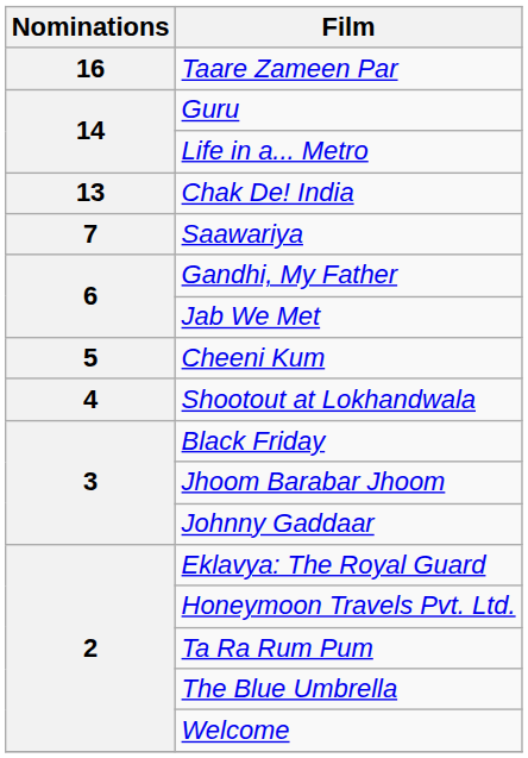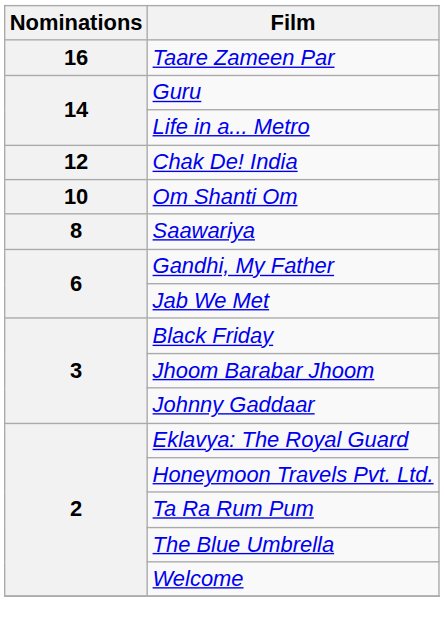 <table class="wikitable" style="display:inline-table;">
 <tr>
 <th>Nominations</th>
 <th>Film</th>
 </tr>
 <tr>
 <th>16</th>
 <td><em><a href='#'>Taare Zameen Par</a></em></td>
 </tr>
 <tr>
 <th rowspan="2">14</th>
 <td><em><a href='#'>Guru</a></em></td>
 </tr>
 <tr>
 <td><em><a href='#'>Life in a... Metro</a></em></td>
 </tr>
 <tr>
-<th>13</th>
+<th>12</th>
 <td><em><a href='#'>Chak De! India</a></em></td>
 </tr>
 <tr>
-<th>7</th>
+<th>10</th>
+<td><em><a href='#'>Om Shanti Om</a></em></td>
+</tr>
+<tr>
+<th>8</th>
 <td><em><a href='#'>Saawariya</a></em></td>
 </tr>
 <tr>
 <th rowspan="2">6</th>
 <td><em><a href='#'>Gandhi, My Father</a></em></td>
 </tr>
 <tr>
 <td><em><a href='#'>Jab We Met</a></em></td>
-</tr>
-<tr>
-<th>5</th>
-<td><em><a href='#'>Cheeni Kum</a></em></td>
-</tr>
-<tr>
-<th>4</th>
-<td><em><a href='#'>Shootout at Lokhandwala</a></em></td>
 </tr>
 <tr>
 <th rowspan="3">3</th>
 <td><em><a href='#'>Black Friday</a></em></td>
 </tr>
 <tr>
 <td><em><a href='#'>Jhoom Barabar Jhoom</a></em></td>
 </tr>
 <tr>
 <td><em><a href='#'>Johnny Gaddaar</a></em></td>
 </tr>
 <tr>
 <th rowspan="5">2</th>
 <td><em><a href='#'>Eklavya: The Royal Guard</a></em></td>
 </tr>
 <tr>
 <td><em><a href='#'>Honeymoon Travels Pvt. Ltd.</a></em></td>
 </tr>
 <tr>
 <td><em><a href='#'>Ta Ra Rum Pum</a></em></td>
 </tr>
 <tr>
 <td><em><a href='#'>The Blue Umbrella</a></em></td>
 </tr>
 <tr>
 <td><em><a href='#'>Welcome</a></em></td>
 </tr>
 <tr>
 </tr>
 </table>
